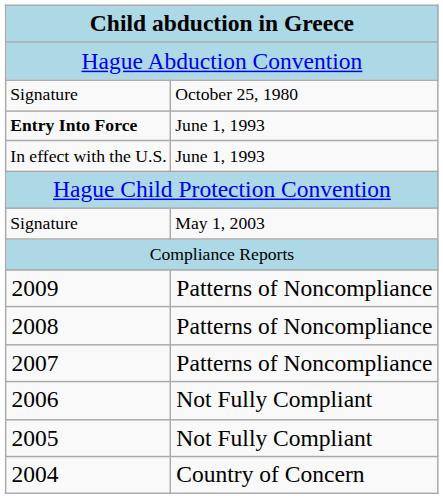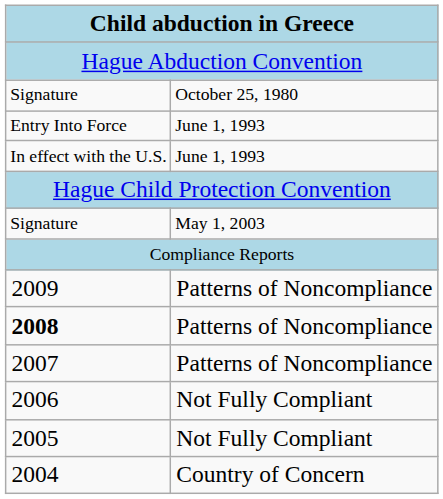 <table class="wikitable" style="float: right;">
 <tr>
 <th colspan="2" style="background:lightblue;width:200px;"><strong>Child abduction in Greece</strong></th>
 </tr>
 <tr>
 <td colspan="2" style="background:lightblue;text-align:center;"><a href='#'>Hague Abduction Convention</a></td>
 </tr>
 <tr>
 <td style="font-size:9pt">Signature</td>
 <td style="font-size:9pt">October 25, 1980</td>
 </tr>
 <tr>
-<td style="font-size:9pt"><strong>Entry Into Force</strong></td>
+<td style="font-size:9pt">Entry Into Force</td>
 <td style="font-size:9pt">June 1, 1993</td>
 </tr>
 <tr>
 <td style="font-size:9pt">In effect with the U.S.</td>
 <td style="font-size:9pt">June 1, 1993</td>
 </tr>
 <tr>
 <td colspan="2" style="background:lightblue;text-align:center;"><a href='#'>Hague Child Protection Convention</a></td>
 </tr>
 <tr>
 <td style="font-size:9pt">Signature</td>
 <td style="font-size:9pt">May 1, 2003</td>
 </tr>
 <tr>
 <td colspan="2" style="background:lightblue;text-align:center;font-size:9pt">Compliance Reports</td>
 </tr>
 <tr>
 <td>2009</td>
 <td>Patterns of Noncompliance</td>
 </tr>
 <tr>
-<td>2008</td>
+<td><strong>2008</strong></td>
 <td>Patterns of Noncompliance</td>
 </tr>
 <tr>
 <td>2007</td>
 <td>Patterns of Noncompliance</td>
 </tr>
 <tr>
 <td>2006</td>
 <td>Not Fully Compliant</td>
 </tr>
 <tr>
 <td>2005</td>
 <td>Not Fully Compliant</td>
 </tr>
 <tr>
 <td>2004</td>
 <td>Country of Concern</td>
 </tr>
 </table>
